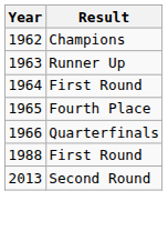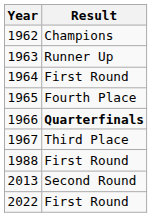 <table class="wikitable">
 <tr>
 <th>Year</th>
 <th>Result</th>
 </tr>
 <tr>
 <td>1962</td>
 <td>Champions</td>
 </tr>
 <tr>
 <td>1963</td>
 <td>Runner Up</td>
 </tr>
 <tr>
 <td>1964</td>
 <td>First Round</td>
 </tr>
 <tr>
 <td>1965</td>
 <td>Fourth Place</td>
 </tr>
 <tr>
 <td>1966</td>
-<td>Quarterfinals</td>
+<td><strong>Quarterfinals</strong></td>
+</tr>
+<tr>
+<td>1967</td>
+<td>Third Place</td>
 </tr>
 <tr>
 <td>1988</td>
 <td>First Round</td>
 </tr>
 <tr>
 <td>2013</td>
 <td>Second Round</td>
 </tr>
+<tr>
+<td>2022</td>
+<td>First Round</td>
+</tr>
 </table>
